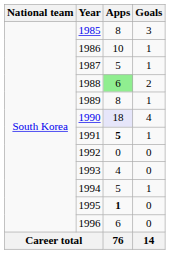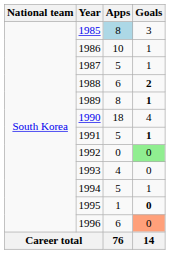 <table class="wikitable" style="text-align:center">
 <tr>
 <th>National team</th>
 <th>Year</th>
 <th>Apps</th>
 <th>Goals</th>
 </tr>
 <tr>
 <td rowspan=12><a href='#'>South Korea</a></td>
 <td><a href='#'>1985</a></td>
-<td>8</td>
+<td style="background: lightblue;">8</td>
 <td>3</td>
 </tr>
 <tr>
 <td>1986</td>
 <td>10</td>
 <td>1</td>
 </tr>
 <tr>
 <td>1987</td>
 <td>5</td>
 <td>1</td>
 </tr>
 <tr>
 <td>1988</td>
-<td style="background: lightgreen;">6</td>
-<td>2</td>
+<td>6</td>
+<td><strong>2</strong></td>
 </tr>
 <tr>
 <td>1989</td>
 <td>8</td>
-<td>1</td>
+<td><strong>1</strong></td>
 </tr>
 <tr>
 <td><a href='#'>1990</a></td>
-<td style="background: lavender;">18</td>
+<td>18</td>
 <td>4</td>
 </tr>
 <tr>
 <td>1991</td>
-<td><strong>5</strong></td>
-<td>1</td>
+<td>5</td>
+<td><strong>1</strong></td>
 </tr>
 <tr>
 <td>1992</td>
 <td>0</td>
-<td>0</td>
+<td style="background: lightgreen;">0</td>
 </tr>
 <tr>
 <td>1993</td>
 <td>4</td>
 <td>0</td>
 </tr>
 <tr>
 <td>1994</td>
 <td>5</td>
 <td>1</td>
 </tr>
 <tr>
 <td>1995</td>
-<td><strong>1</strong></td>
-<td>0</td>
+<td>1</td>
+<td><strong>0</strong></td>
 </tr>
 <tr>
 <td>1996</td>
 <td>6</td>
-<td>0</td>
+<td style="background: lightsalmon;">0</td>
 </tr>
 <tr>
 <th colspan=2>Career total</th>
 <th>76</th>
 <th>14</th>
 </tr>
 </table>
